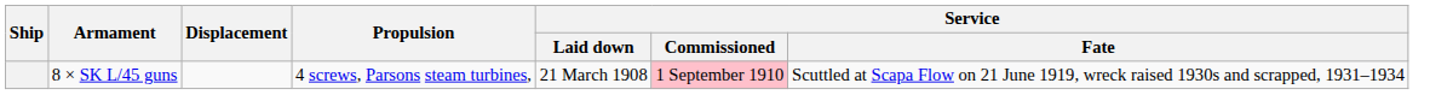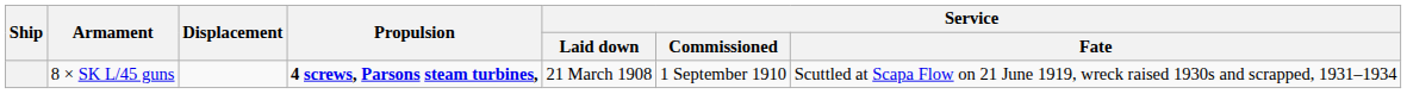 <table class="wikitable plainrowheaders" style="text-align: center">
 <tr valign="center">
 <th scope="col" rowspan="2">Ship</th>
 <th scope="col" rowspan="2">Armament</th>
 <th scope="col" rowspan="2">Displacement</th>
 <th scope="col" rowspan="2">Propulsion</th>
 <th scope="col" colspan="3">Service</th>
 </tr>
 <tr valign="center">
 <th scope="col">Laid down</th>
 <th scope="col">Commissioned</th>
 <th scope="col">Fate</th>
 </tr>
 <tr valign="center">
 <th scope="row"></th>
 <td>8 × <a href='#'> SK L/45 guns</a></td>
 <td></td>
-<td>4 <a href='#'>screws</a>, <a href='#'>Parsons</a> <a href='#'>steam turbines</a>, </td>
+<td><strong>4 <a href='#'>screws</a>, <a href='#'>Parsons</a> <a href='#'>steam turbines</a>, </strong></td>
 <td>21 March 1908</td>
-<td style="background: pink;">1 September 1910</td>
+<td>1 September 1910</td>
 <td>Scuttled at <a href='#'>Scapa Flow</a> on 21 June 1919, wreck raised 1930s and scrapped, 1931–1934</td>
 </tr>
 </table>
